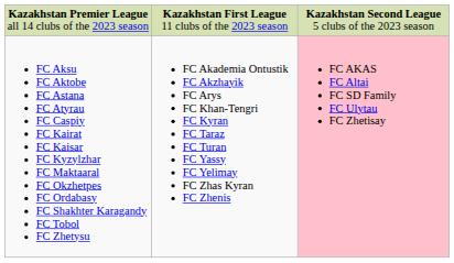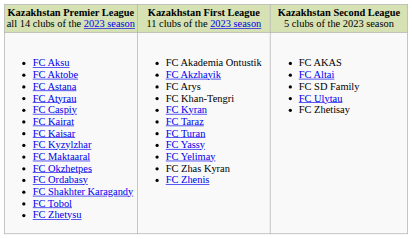 <table class="wikitable">
 <tr style="background:#D6E2B3; text-align:center; vertical-align:top;">
 <td style="width:33%"><strong>Kazakhstan Premier League</strong><br>all 14 clubs of the <a href='#'>2023 season</a></td>
 <td style="width:33%"><strong>Kazakhstan First League</strong><br>11 clubs of the <a href='#'>2023 season</a></td>
 <td style="width:34%"><strong>Kazakhstan Second League</strong><br>5 clubs of the 2023 season</td>
 </tr>
 <tr style="vertical-align:top">
 <td><br><ul><li><a href='#'>FC Aksu</a></li><li><a href='#'>FC Aktobe</a></li><li><a href='#'>FC Astana</a></li><li><a href='#'>FC Atyrau</a></li><li><a href='#'>FC Caspiy</a></li><li><a href='#'>FC Kairat</a></li><li><a href='#'>FC Kaisar</a></li><li><a href='#'>FC Kyzylzhar</a></li><li><a href='#'>FC Maktaaral</a></li><li><a href='#'>FC Okzhetpes</a></li><li><a href='#'>FC Ordabasy</a></li><li><a href='#'>FC Shakhter Karagandy</a></li><li><a href='#'>FC Tobol</a></li><li><a href='#'>FC Zhetysu</a></li></ul></td>
 <td><br><ul><li>FC Akademia Ontustik</li><li><a href='#'>FC Akzhayik</a></li><li>FC Arys</li><li>FC Khan-Tengri</li><li><a href='#'>FC Kyran</a></li><li><a href='#'>FC Taraz</a></li><li><a href='#'>FC Turan</a></li><li><a href='#'>FC Yassy</a></li><li><a href='#'>FC Yelimay</a></li><li>FC Zhas Kyran</li><li><a href='#'>FC Zhenis</a></li></ul></td>
-<td style="background: pink;"><br><ul><li>FC AKAS</li><li><a href='#'>FC Altai</a></li><li>FC SD Family</li><li><a href='#'>FC Ulytau</a></li><li>FC Zhetisay</li></ul></td>
+<td><br><ul><li>FC AKAS</li><li><a href='#'>FC Altai</a></li><li>FC SD Family</li><li><a href='#'>FC Ulytau</a></li><li>FC Zhetisay</li></ul></td>
 </tr>
 </table>
